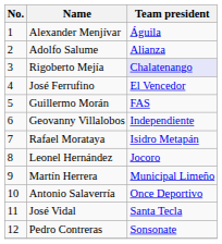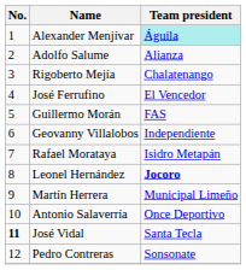 <table class="wikitable" style="text-align: left">
 <tr>
 <th>No.</th>
 <th>Name</th>
 <th>Team president</th>
 </tr>
 <tr>
 <td>1</td>
 <td>Alexander Menjívar</td>
-<td><a href='#'>Águila</a></td>
+<td style="background: paleturquoise;"><a href='#'>Águila</a></td>
 </tr>
 <tr>
 <td>2</td>
 <td>Adolfo Salume</td>
 <td><a href='#'>Alianza</a></td>
 </tr>
 <tr>
 <td>3</td>
 <td>Rigoberto Mejía</td>
-<td style="background: lavender;"><a href='#'>Chalatenango</a></td>
+<td><a href='#'>Chalatenango</a></td>
 </tr>
 <tr>
 <td>4</td>
 <td>José Ferrufino</td>
 <td><a href='#'>El Vencedor</a></td>
 </tr>
 <tr>
 <td>5</td>
 <td>Guillermo Morán</td>
 <td><a href='#'>FAS</a></td>
 </tr>
 <tr>
 <td>6</td>
 <td>Geovanny Villalobos</td>
 <td><a href='#'>Independiente</a></td>
 </tr>
 <tr>
 <td>7</td>
 <td>Rafael Morataya</td>
 <td><a href='#'>Isidro Metapán</a></td>
 </tr>
 <tr>
 <td>8</td>
 <td>Leonel Hernández</td>
-<td><a href='#'>Jocoro</a></td>
+<td><strong><a href='#'>Jocoro</a></strong></td>
 </tr>
 <tr>
 <td>9</td>
 <td>Martín Herrera</td>
 <td><a href='#'>Municipal Limeño</a></td>
 </tr>
 <tr>
 <td>10</td>
 <td>Antonio Salaverría</td>
 <td><a href='#'>Once Deportivo</a></td>
 </tr>
 <tr>
-<td>11</td>
+<td><strong>11</strong></td>
 <td>José Vidal</td>
 <td><a href='#'>Santa Tecla</a></td>
 </tr>
 <tr>
 <td>12</td>
 <td>Pedro Contreras</td>
 <td><a href='#'>Sonsonate</a></td>
 </tr>
 <tr>
 </tr>
 </table>
